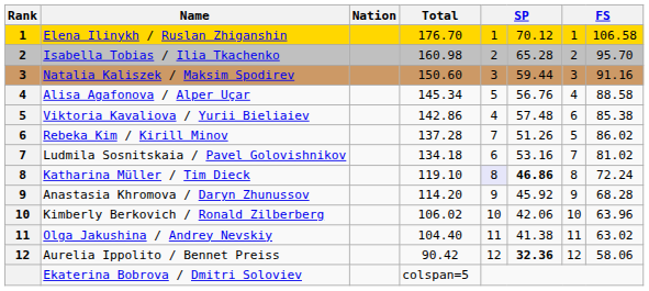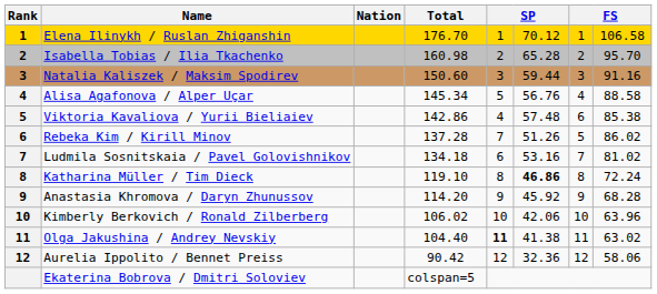 <table class="wikitable sortable">
 <tr>
 <th>Rank</th>
 <th>Name</th>
 <th>Nation</th>
 <th width="80px">Total</th>
 <th colspan="2" width="80px"><a href='#'>SP</a></th>
 <th colspan="2" width="80px"><a href='#'>FS</a></th>
 </tr>
 <tr bgcolor="gold">
 <td align="center"><strong>1</strong></td>
 <td><a href='#'>Elena Ilinykh</a> / <a href='#'>Ruslan Zhiganshin</a></td>
 <td></td>
 <td align="center">176.70</td>
 <td align="center">1</td>
 <td align="center">70.12</td>
 <td align="center">1</td>
 <td align="center">106.58</td>
 </tr>
 <tr bgcolor="silver">
 <td align="center"><strong>2</strong></td>
 <td><a href='#'>Isabella Tobias</a> / <a href='#'>Ilia Tkachenko</a></td>
 <td></td>
 <td align="center">160.98</td>
 <td align="center">2</td>
 <td align="center">65.28</td>
 <td align="center">2</td>
 <td align="center">95.70</td>
 </tr>
 <tr bgcolor="cc9966">
 <td align="center"><strong>3</strong></td>
 <td><a href='#'>Natalia Kaliszek</a> / <a href='#'>Maksim Spodirev</a></td>
 <td></td>
 <td align="center">150.60</td>
 <td align="center">3</td>
 <td align="center">59.44</td>
 <td align="center">3</td>
 <td align="center">91.16</td>
 </tr>
 <tr>
 <th>4</th>
 <td><a href='#'>Alisa Agafonova</a> / <a href='#'>Alper Uçar</a></td>
 <td></td>
 <td align="center">145.34</td>
 <td align="center">5</td>
 <td align="center">56.76</td>
 <td align="center">4</td>
 <td align="center">88.58</td>
 </tr>
 <tr>
 <th>5</th>
 <td><a href='#'>Viktoria Kavaliova</a> / <a href='#'>Yurii Bieliaiev</a></td>
 <td></td>
 <td align="center">142.86</td>
 <td align="center">4</td>
 <td align="center">57.48</td>
 <td align="center">6</td>
 <td align="center">85.38</td>
 </tr>
 <tr>
 <th>6</th>
 <td><a href='#'>Rebeka Kim</a> / <a href='#'>Kirill Minov</a></td>
 <td></td>
 <td align="center">137.28</td>
 <td align="center">7</td>
 <td align="center">51.26</td>
 <td align="center">5</td>
 <td align="center">86.02</td>
 </tr>
 <tr>
 <th>7</th>
 <td>Ludmila Sosnitskaia / <a href='#'>Pavel Golovishnikov</a></td>
 <td></td>
 <td align="center">134.18</td>
 <td align="center">6</td>
 <td align="center">53.16</td>
 <td align="center">7</td>
 <td align="center">81.02</td>
 </tr>
 <tr>
 <th>8</th>
 <td><a href='#'>Katharina Müller</a> / <a href='#'>Tim Dieck</a></td>
 <td></td>
 <td align="center">119.10</td>
-<td align="center" style="background: lavender;">8</td>
+<td align="center">8</td>
 <td align="center"><strong>46.86</strong></td>
 <td align="center">8</td>
 <td align="center">72.24</td>
 </tr>
 <tr>
 <th>9</th>
 <td>Anastasia Khromova / <a href='#'>Daryn Zhunussov</a></td>
 <td></td>
 <td align="center">114.20</td>
 <td align="center">9</td>
 <td align="center">45.92</td>
 <td align="center">9</td>
 <td align="center">68.28</td>
 </tr>
 <tr>
 <th>10</th>
 <td>Kimberly Berkovich / <a href='#'>Ronald Zilberberg</a></td>
 <td></td>
 <td align="center">106.02</td>
 <td align="center">10</td>
 <td align="center">42.06</td>
 <td align="center">10</td>
 <td align="center">63.96</td>
 </tr>
 <tr>
 <th>11</th>
 <td><a href='#'>Olga Jakushina</a> / <a href='#'>Andrey Nevskiy</a></td>
 <td></td>
 <td align="center">104.40</td>
-<td align="center">11</td>
+<td align="center"><strong>11</strong></td>
 <td align="center">41.38</td>
 <td align="center">11</td>
 <td align="center">63.02</td>
 </tr>
 <tr>
 <th>12</th>
 <td>Aurelia Ippolito / Bennet Preiss</td>
 <td></td>
 <td align="center">90.42</td>
 <td align="center">12</td>
-<td align="center"><strong>32.36</strong></td>
+<td align="center">32.36</td>
 <td align="center">12</td>
 <td align="center">58.06</td>
 </tr>
 <tr>
 <th></th>
 <td><a href='#'>Ekaterina Bobrova</a> / <a href='#'>Dmitri Soloviev</a></td>
 <td></td>
 <td>colspan=5 </td>
 </tr>
 </table>
